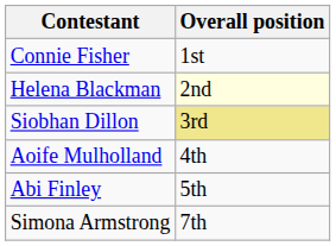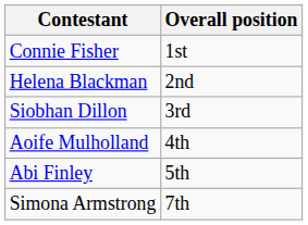 <table class="wikitable">
 <tr>
 <th>Contestant</th>
 <th>Overall position</th>
 </tr>
 <tr>
 <td><a href='#'>Connie Fisher</a></td>
 <td>1st</td>
 </tr>
 <tr>
 <td><a href='#'>Helena Blackman</a></td>
-<td style="background: lightyellow;">2nd</td>
+<td>2nd</td>
 </tr>
 <tr>
 <td><a href='#'>Siobhan Dillon</a></td>
-<td style="background: khaki;">3rd</td>
+<td>3rd</td>
 </tr>
 <tr>
 <td><a href='#'>Aoife Mulholland</a></td>
 <td>4th</td>
 </tr>
 <tr>
 <td><a href='#'>Abi Finley</a></td>
 <td>5th</td>
 </tr>
 <tr>
 <td>Simona Armstrong</td>
 <td>7th</td>
 </tr>
 </table>
